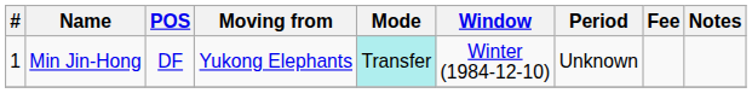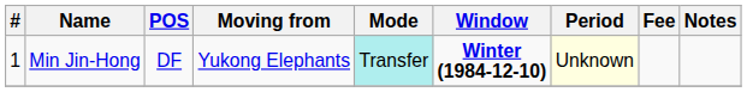 <table class="wikitable sortable" style="text-align: center; font-size:90%;">
 <tr>
 <th>#</th>
 <th>Name</th>
 <th><a href='#'>POS</a></th>
 <th>Moving from</th>
 <th>Mode</th>
 <th><a href='#'>Window</a></th>
 <th>Period</th>
 <th>Fee</th>
 <th>Notes</th>
 </tr>
 <tr>
 <td>1</td>
 <td align=left> <a href='#'>Min Jin-Hong</a></td>
 <td><a href='#'>DF</a></td>
 <td align=left> <a href='#'>Yukong Elephants</a></td>
 <td style="background: paleturquoise;">Transfer</td>
-<td><a href='#'>Winter</a><br>(1984-12-10)</td>
-<td>Unknown</td>
+<td><strong><a href='#'>Winter</a><br>(1984-12-10)</strong></td>
+<td style="background: lightyellow;">Unknown</td>
 <td></td>
 <td></td>
 </tr>
 <tr>
 </tr>
 </table>
